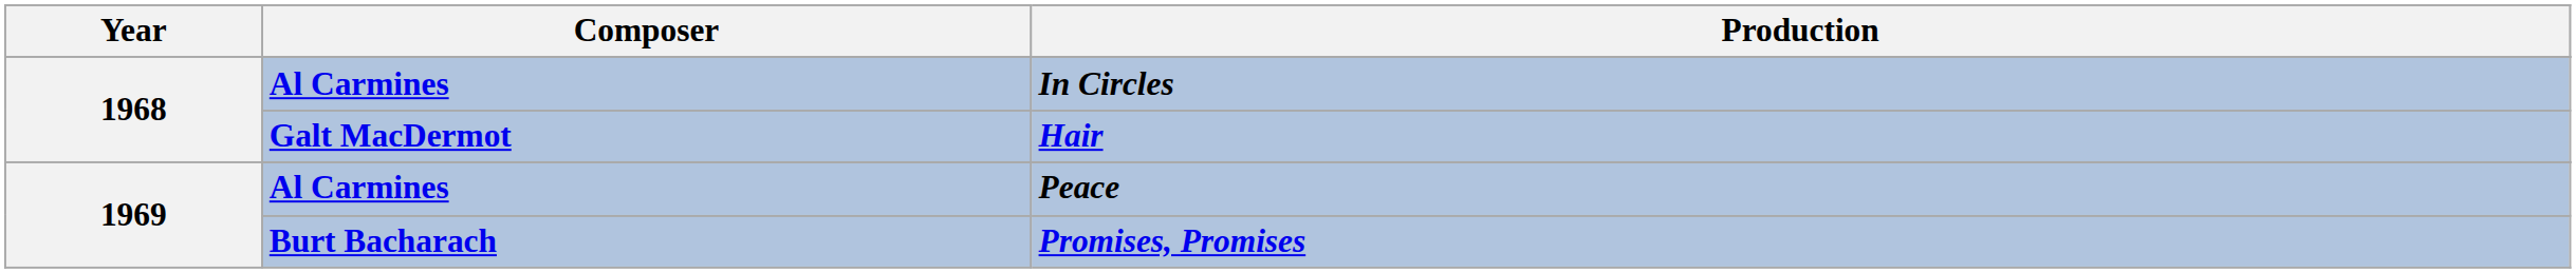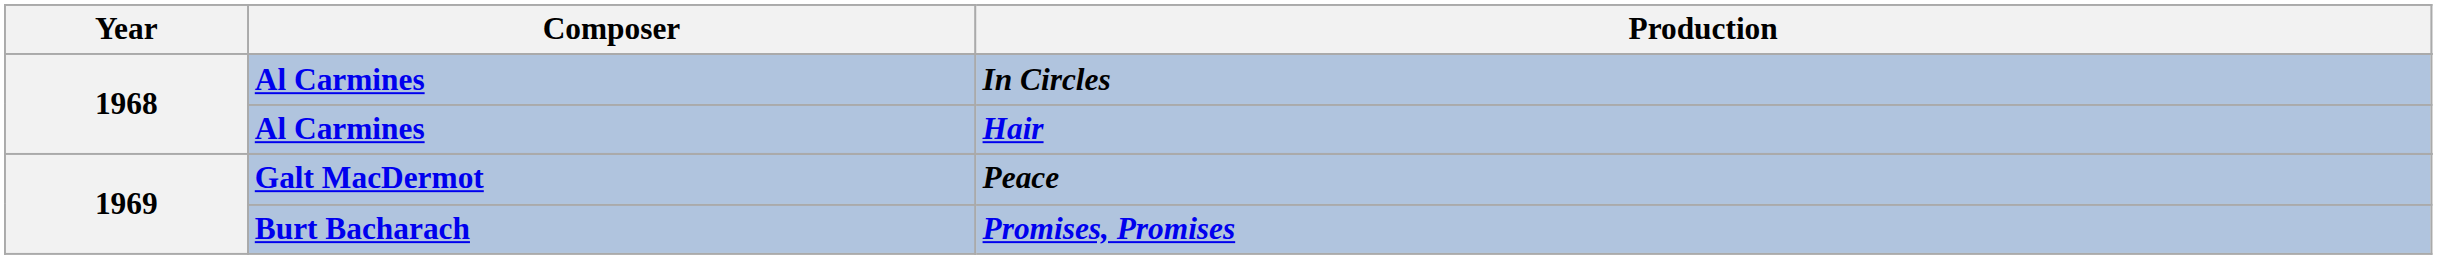 <table class="wikitable" style="width:98%;">
 <tr style="background:#bebebe;">
 <th style="width:10%;">Year</th>
 <th style="width:30%;">Composer</th>
 <th style="width:60%;">Production</th>
 </tr>
 <tr>
 <th rowspan="3" align="center">1968</th>
 </tr>
 <tr style="background:#B0C4DE">
 <td><strong><a href='#'>Al Carmines</a></strong></td>
 <td><strong><em>In Circles</em></strong></td>
 </tr>
 <tr style="background:#B0C4DE">
-<td><strong><a href='#'>Galt MacDermot</a></strong></td>
+<td><strong><a href='#'>Al Carmines</a></strong></td>
 <td><strong><em><a href='#'>Hair</a></em></strong></td>
 </tr>
 <tr>
 <th rowspan="3" align="center">1969</th>
 </tr>
 <tr style="background:#B0C4DE">
-<td><strong><a href='#'>Al Carmines</a></strong></td>
+<td><strong><a href='#'>Galt MacDermot</a></strong></td>
 <td><strong><em>Peace</em></strong></td>
 </tr>
 <tr style="background:#B0C4DE">
 <td><strong><a href='#'>Burt Bacharach</a></strong></td>
 <td><strong><em><a href='#'>Promises, Promises</a></em></strong></td>
 </tr>
 </table>
